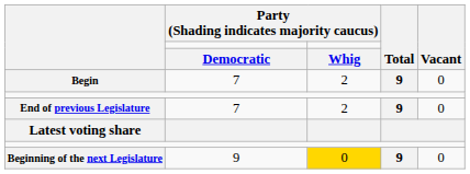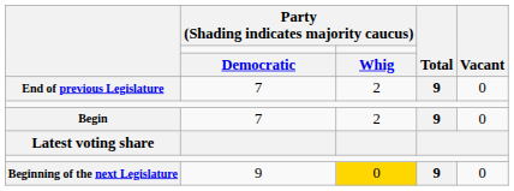 <table class=wikitable style="text-align:center">
 <tr style="vertical-align:bottom;">
 <th rowspan=3></th>
 <th colspan=2>Party <div>(Shading indicates majority caucus)</div></th>
 <th rowspan=3>Total</th>
 <th rowspan=3>Vacant</th>
 </tr>
 <tr style="height:5px">
 <td style="background-color:"></td>
 <td style="background-color:"></td>
 </tr>
 <tr>
 <th><a href='#'>Democratic</a></th>
 <th><a href='#'>Whig</a></th>
 </tr>
 <tr>
-<th style="font-size:80%">Begin</th>
+<th style="white-space:nowrap; font-size:80%;">End of <a href='#'>previous Legislature</a></th>
 <td>7</td>
 <td>2</td>
 <th>9</th>
 <td>0</td>
 </tr>
 <tr>
 <td colspan=5></td>
 </tr>
 <tr>
-<th style="white-space:nowrap; font-size:80%;">End of <a href='#'>previous Legislature</a></th>
+<th style="font-size:80%">Begin</th>
 <td>7</td>
 <td>2</td>
 <th>9</th>
 <td>0</td>
 </tr>
 <tr>
 <th>Latest voting share</th>
 <th></th>
 <th></th>
 <th colspan=2></th>
 </tr>
 <tr>
 <td colspan=5></td>
 </tr>
 <tr>
 <th style="white-space:nowrap; font-size:80%;">Beginning of the <a href='#'>next Legislature</a></th>
 <td>9</td>
 <td style="background: gold;">0</td>
 <th>9</th>
 <td>0</td>
 </tr>
 </table>
